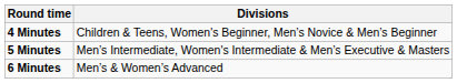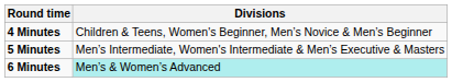 <table class="wikitable">
 <tr>
 <th>Round time</th>
 <th>Divisions</th>
 </tr>
 <tr>
 <td><strong>4 Minutes</strong></td>
 <td>Children & Teens, Women's Beginner, Men’s Novice & Men’s Beginner</td>
 </tr>
 <tr>
 <td><strong>5 Minutes</strong></td>
 <td>Men’s Intermediate, Women's Intermediate & Men’s Executive & Masters</td>
 </tr>
 <tr>
 <td><strong>6 Minutes</strong></td>
-<td>Men’s & Women’s Advanced</td>
+<td style="background: paleturquoise;">Men’s & Women’s Advanced</td>
 </tr>
 </table>
